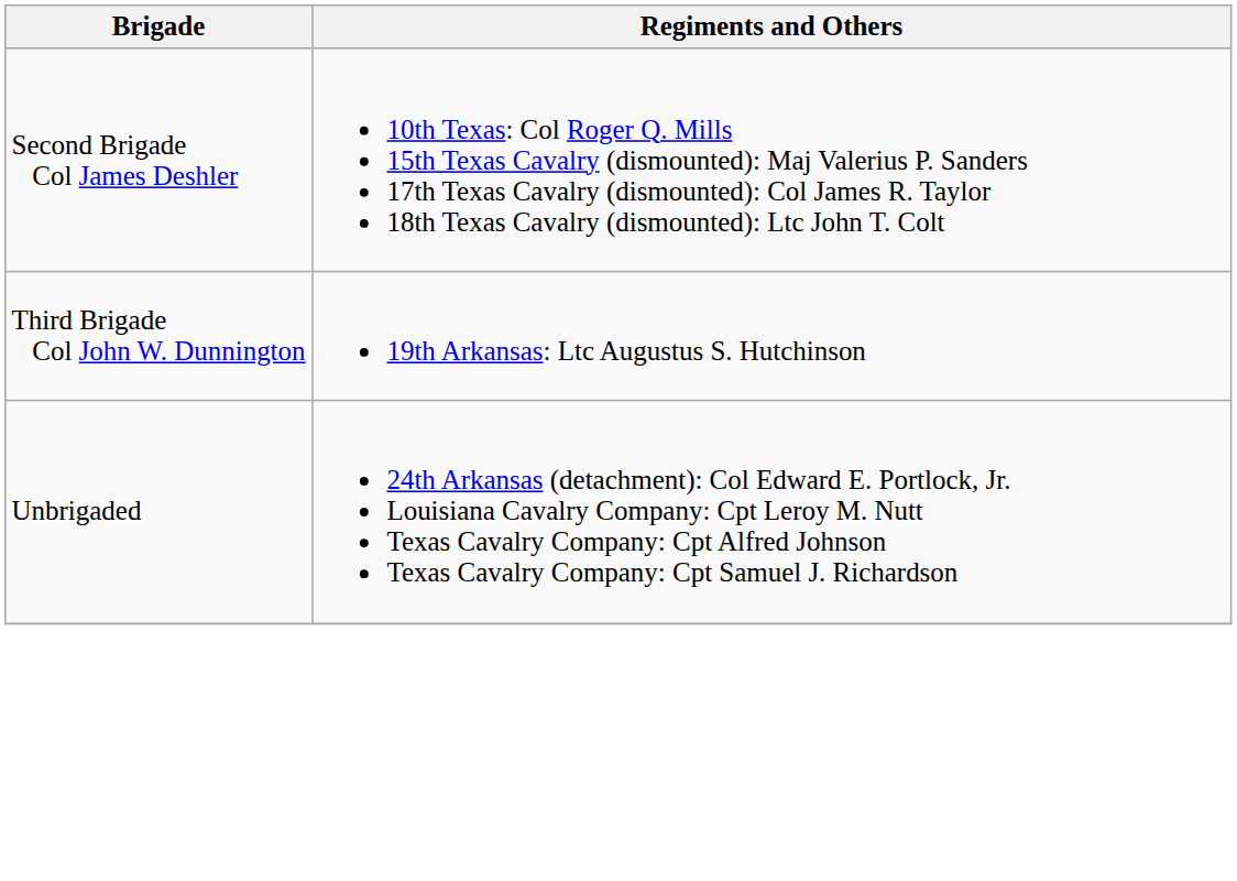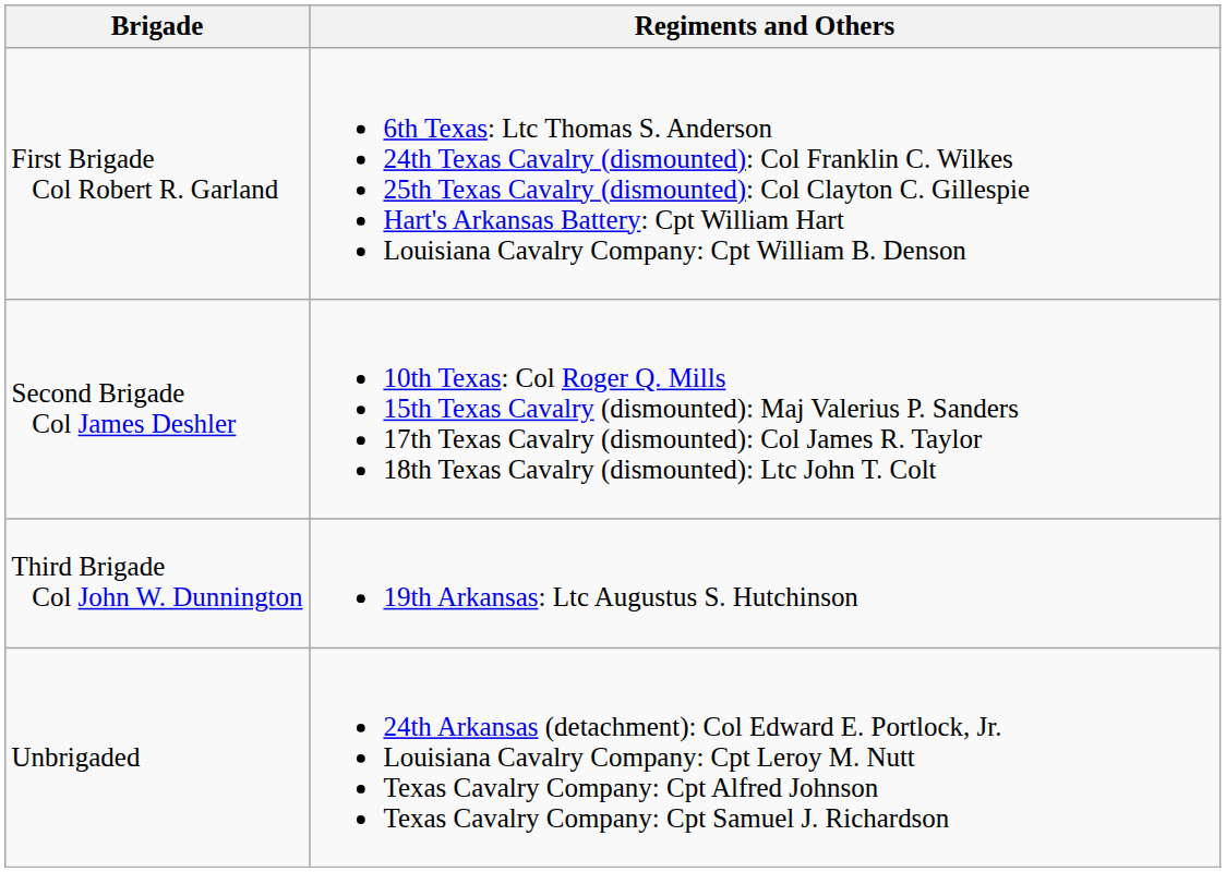 <table class="wikitable">
 <tr>
 <th width=25%>Brigade</th>
 <th>Regiments and Others</th>
+</tr>
+<tr>
+<td>First Brigade<br>   Col Robert R. Garland</td>
+<td><br><ul><li><a href='#'>6th Texas</a>: Ltc Thomas S. Anderson</li><li><a href='#'>24th Texas Cavalry (dismounted)</a>: Col Franklin C. Wilkes</li><li><a href='#'>25th Texas Cavalry (dismounted)</a>: Col Clayton C. Gillespie</li><li><a href='#'>Hart's Arkansas Battery</a>: Cpt William Hart</li><li>Louisiana Cavalry Company: Cpt William B. Denson</li></ul></td>
 </tr>
 <tr>
 <td>Second Brigade<br>   Col <a href='#'>James Deshler</a></td>
 <td><br><ul><li><a href='#'>10th Texas</a>: Col <a href='#'>Roger Q. Mills</a></li><li><a href='#'>15th Texas Cavalry</a> (dismounted): Maj Valerius P. Sanders</li><li>17th Texas Cavalry (dismounted): Col James R. Taylor</li><li>18th Texas Cavalry (dismounted): Ltc John T. Colt</li></ul></td>
 </tr>
 <tr>
 <td>Third Brigade<br>   Col <a href='#'>John W. Dunnington</a></td>
 <td><br><ul><li><a href='#'>19th Arkansas</a>: Ltc Augustus S. Hutchinson</li></ul></td>
 </tr>
 <tr>
 <td>Unbrigaded</td>
 <td><br><ul><li><a href='#'>24th Arkansas</a> (detachment): Col Edward E. Portlock, Jr.</li><li>Louisiana Cavalry Company: Cpt Leroy M. Nutt</li><li>Texas Cavalry Company: Cpt Alfred Johnson</li><li>Texas Cavalry Company: Cpt Samuel J. Richardson</li></ul></td>
 </tr>
 <tr>
 </tr>
 </table>
